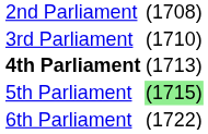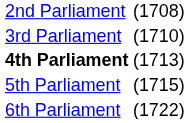 <table id=toc style="float:right">
 <tr>
 <td><a href='#'>2nd Parliament</a></td>
 <td>(1708)</td>
 </tr>
 <tr>
 <td><a href='#'>3rd Parliament</a></td>
 <td>(1710)</td>
 </tr>
 <tr>
 <td><strong>4th Parliament</strong></td>
 <td>(1713)</td>
 </tr>
 <tr>
 <td><a href='#'>5th Parliament</a></td>
-<td style="background: lightgreen;">(1715)</td>
+<td>(1715)</td>
 </tr>
 <tr>
 <td><a href='#'>6th Parliament</a></td>
 <td>(1722)</td>
 </tr>
 </table>
